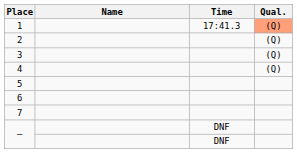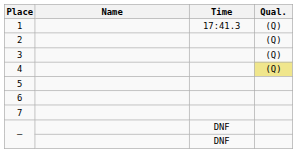 <table class=wikitable style="text-align:center">
 <tr>
 <th width=20>Place</th>
 <th width=220>Name</th>
 <th width=90>Time</th>
 <th width=50>Qual.</th>
 </tr>
 <tr>
 <td>1</td>
 <td align=left></td>
 <td>17:41.3</td>
-<td style="background: lightsalmon;">(Q)</td>
+<td>(Q)</td>
 </tr>
 <tr>
 <td>2</td>
 <td align=left></td>
 <td></td>
 <td>(Q)</td>
 </tr>
 <tr>
 <td>3</td>
 <td align=left></td>
 <td></td>
 <td>(Q)</td>
 </tr>
 <tr>
 <td>4</td>
 <td align=left></td>
 <td></td>
-<td>(Q)</td>
+<td style="background: khaki;">(Q)</td>
 </tr>
 <tr>
 <td>5</td>
 <td align=left></td>
 <td></td>
 <td></td>
 </tr>
 <tr>
 <td>6</td>
 <td align=left></td>
 <td></td>
 <td></td>
 </tr>
 <tr>
 <td>7</td>
 <td align=left></td>
 <td></td>
 <td></td>
 </tr>
 <tr>
 <td rowspan=2>–</td>
 <td align=left></td>
 <td>DNF</td>
 <td></td>
 </tr>
 <tr>
 <td align=left></td>
 <td>DNF</td>
 <td></td>
 </tr>
 </table>
